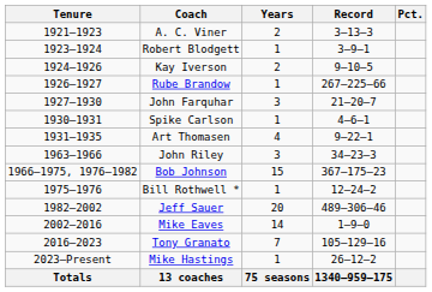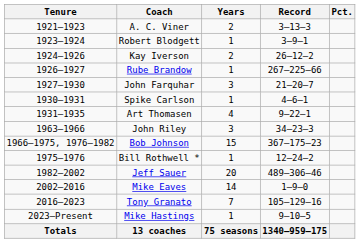 <table class = "wikitable">
 <tr>
 <th>Tenure</th>
 <th>Coach</th>
 <th>Years</th>
 <th>Record</th>
 <th>Pct.</th>
 </tr>
 <tr style="text-align:center;">
 <td>1921–1923</td>
 <td>A. C. Viner</td>
 <td>2</td>
 <td>3–13–3</td>
 <td></td>
 </tr>
 <tr style="text-align:center;">
 <td>1923–1924</td>
 <td>Robert Blodgett</td>
 <td>1</td>
 <td>3–9–1</td>
 <td></td>
 </tr>
 <tr style="text-align:center;">
 <td>1924–1926</td>
 <td>Kay Iverson</td>
 <td>2</td>
-<td>9–10–5</td>
+<td>26–12–2</td>
 <td></td>
 </tr>
 <tr style="text-align:center;">
 <td>1926–1927</td>
 <td><a href='#'>Rube Brandow</a></td>
 <td>1</td>
 <td>267–225–66</td>
 <td></td>
 </tr>
 <tr style="text-align:center;">
 <td>1927–1930</td>
 <td>John Farquhar</td>
 <td>3</td>
 <td>21–20–7</td>
 <td></td>
 </tr>
 <tr style="text-align:center;">
 <td>1930–1931</td>
 <td>Spike Carlson</td>
 <td>1</td>
 <td>4–6–1</td>
 <td></td>
 </tr>
 <tr style="text-align:center;">
 <td>1931–1935</td>
 <td>Art Thomasen</td>
 <td>4</td>
 <td>9–22–1</td>
 <td></td>
 </tr>
 <tr style="text-align:center;">
 <td>1963–1966</td>
 <td>John Riley</td>
 <td>3</td>
 <td>34–23–3</td>
 <td></td>
 </tr>
 <tr style="text-align:center;">
 <td>1966–1975, 1976–1982</td>
 <td><a href='#'>Bob Johnson</a></td>
 <td>15</td>
 <td>367–175–23</td>
 <td></td>
 </tr>
 <tr style="text-align:center;">
 <td>1975–1976</td>
 <td>Bill Rothwell *</td>
 <td>1</td>
 <td>12–24–2</td>
 <td></td>
 </tr>
 <tr style="text-align:center;">
 <td>1982–2002</td>
 <td><a href='#'>Jeff Sauer</a></td>
 <td>20</td>
 <td>489–306–46</td>
 <td></td>
 </tr>
 <tr style="text-align:center;">
 <td>2002–2016</td>
 <td><a href='#'>Mike Eaves</a></td>
 <td>14</td>
 <td>1–9–0</td>
 <td></td>
 </tr>
 <tr style="text-align:center;">
 <td>2016–2023</td>
 <td><a href='#'>Tony Granato</a></td>
 <td>7</td>
 <td>105–129–16</td>
 <td></td>
 </tr>
 <tr style="text-align:center;">
 <td>2023–Present</td>
 <td><a href='#'>Mike Hastings</a></td>
 <td>1</td>
-<td>26–12–2</td>
+<td>9–10–5</td>
 <td></td>
 </tr>
 <tr align=center>
 <th>Totals</th>
 <th>13 coaches</th>
 <th>75 seasons</th>
 <th>1340–959–175</th>
 <th></th>
 </tr>
 </table>
